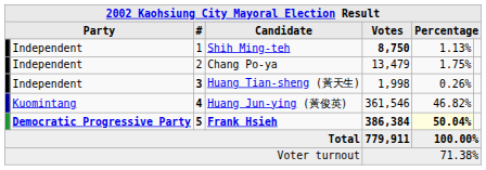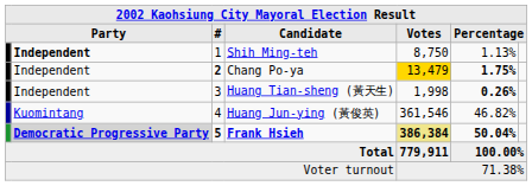 <table class="wikitable" style="margin: 1em auto;">
 <tr>
 <th style="background-color:#E9E9E9" colspan=7 style="width: 20em"><a href='#'>2002 Kaohsiung City Mayoral Election</a> Result</th>
 </tr>
 <tr>
 <th style="background-color:#E9E9E9" colspan=2 style="width: 20em">Party</th>
 <th style="background-color:#E9E9E9" style="width: 2em">#</th>
 <th style="background-color:#E9E9E9" style="width: 13em">Candidate</th>
 <th style="background-color:#E9E9E9" style="width: 6em">Votes</th>
 <th style="background-color:#E9E9E9" colspan=2 style="width: 11em">Percentage</th>
 </tr>
 <tr>
 <td bgcolor="#000000"></td>
-<td align=left> Independent</td>
+<td align=left><strong> Independent</strong></td>
 <td align=center>1</td>
 <td align=left><a href='#'>Shih Ming-teh</a></td>
-<td align=right><strong>8,750</strong></td>
+<td align=right>8,750</td>
 <td align=right>1.13%</td>
 <td align=right></td>
 </tr>
 <tr>
 <td bgcolor="#000000"></td>
 <td align=left> Independent</td>
-<td align=center>2</td>
+<td align=center><strong>2</strong></td>
 <td align=left>Chang Po-ya</td>
-<td align=right>13,479</td>
-<td align=right>1.75%</td>
+<td align=right style="background: gold;">13,479</td>
+<td align=right><strong>1.75%</strong></td>
 <td align=right></td>
 </tr>
 <tr>
 <td bgcolor="#000000"></td>
 <td align=left> Independent</td>
-<td align=center><strong>3</strong></td>
+<td align=center>3</td>
 <td align=left><a href='#'>Huang Tian-sheng</a> (黃天生)</td>
 <td align=right>1,998</td>
-<td align=right>0.26%</td>
+<td align=right><strong>0.26%</strong></td>
 <td align=right></td>
 </tr>
 <tr>
 <td bgcolor="#000099"></td>
 <td align=left> <a href='#'>Kuomintang</a></td>
-<td align=center><strong>4</strong></td>
+<td align=center>4</td>
 <td align=left><a href='#'>Huang Jun-ying</a> (黃俊英)</td>
 <td align=right>361,546</td>
 <td align=right>46.82%</td>
 <td align=right></td>
 </tr>
 <tr>
 <td bgcolor="#1B9431"></td>
-<td align=left><strong><a href='#'>Democratic Progressive Party</a></strong></td>
+<td align=left style="background: lightgrey;"><strong><a href='#'>Democratic Progressive Party</a></strong></td>
 <td align=center><strong>5</strong></td>
 <td align=left><strong><a href='#'>Frank Hsieh</a></strong></td>
-<td align=right><strong>386,384</strong></td>
-<td align=right style="background: lightyellow;"><strong>50.04%</strong></td>
+<td align=right style="background: khaki;"><strong>386,384</strong></td>
+<td align=right><strong>50.04%</strong></td>
 <td align=right> </td>
 </tr>
 <tr bgcolor="#EEEEEE">
 <td colspan="4" align=right><strong>Total</strong></td>
 <td align=right><strong>779,911</strong></td>
 <td align=right colspan=2><strong>100.00%</strong></td>
 </tr>
 <tr bgcolor="#EEEEEE">
 <td colspan="4" align="right">Voter turnout</td>
 <td colspan="3" align="right">71.38%</td>
 </tr>
 </table>
